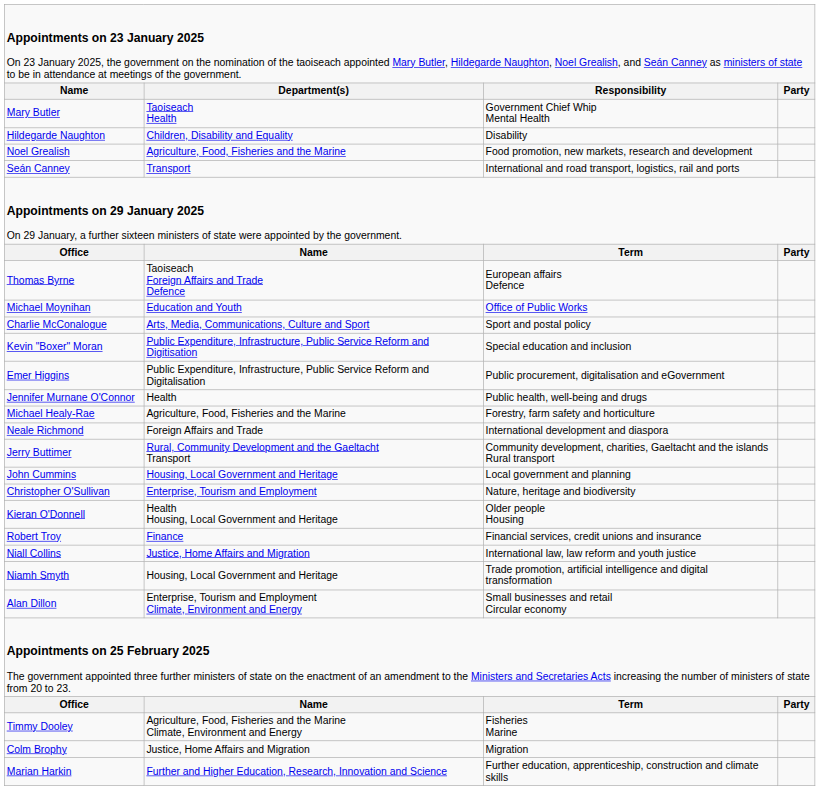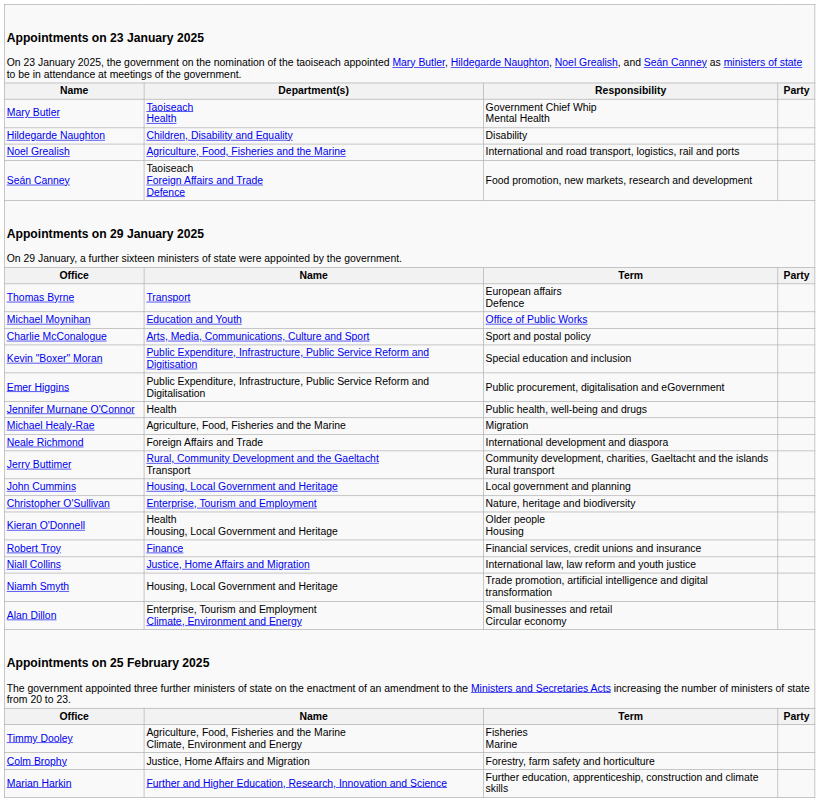 <table class="wikitable">
 <tr>
 <td colspan="5"><br><h3>Appointments on 23 January 2025</h3>On 23 January 2025, the government on the nomination of the taoiseach appointed <a href='#'>Mary Butler</a>, <a href='#'>Hildegarde Naughton</a>, <a href='#'>Noel Grealish</a>, and <a href='#'>Seán Canney</a> as <a href='#'>ministers of state</a> to be in attendance at meetings of the government.</td>
 </tr>
 <tr>
 <th>Name</th>
 <th>Department(s)</th>
 <th>Responsibility</th>
 <th colspan="2">Party</th>
 </tr>
 <tr>
 <td><a href='#'>Mary Butler</a></td>
 <td><a href='#'>Taoiseach</a><br><a href='#'>Health</a></td>
 <td>Government Chief Whip<br>Mental Health</td>
 <td></td>
 </tr>
 <tr>
 <td><a href='#'>Hildegarde Naughton</a></td>
 <td><a href='#'>Children, Disability and Equality</a></td>
 <td>Disability</td>
 <td></td>
 </tr>
 <tr>
 <td><a href='#'>Noel Grealish</a></td>
 <td><a href='#'>Agriculture, Food, Fisheries and the Marine</a></td>
-<td>Food promotion, new markets, research and development</td>
+<td>International and road transport, logistics, rail and ports</td>
 <td></td>
 </tr>
 <tr>
 <td><a href='#'>Seán Canney</a></td>
-<td><a href='#'>Transport</a></td>
-<td>International and road transport, logistics, rail and ports</td>
+<td>Taoiseach<br><a href='#'>Foreign Affairs and Trade</a><br><a href='#'>Defence</a></td>
+<td>Food promotion, new markets, research and development</td>
 <td></td>
 </tr>
 <tr>
 <td colspan="5"><br><h3>Appointments on 29 January 2025</h3>On 29 January, a further sixteen ministers of state were appointed by the government.</td>
 </tr>
 <tr>
 <th>Office</th>
 <th>Name</th>
 <th>Term</th>
 <th colspan="2">Party</th>
 </tr>
 <tr>
 <td><a href='#'>Thomas Byrne</a></td>
-<td>Taoiseach<br><a href='#'>Foreign Affairs and Trade</a><br><a href='#'>Defence</a></td>
+<td><a href='#'>Transport</a></td>
 <td>European affairs<br>Defence</td>
 <td></td>
 </tr>
 <tr>
 <td><a href='#'>Michael Moynihan</a></td>
 <td><a href='#'>Education and Youth</a></td>
 <td><a href='#'>Office of Public Works</a></td>
 <td></td>
 </tr>
 <tr>
 <td><a href='#'>Charlie McConalogue</a></td>
 <td><a href='#'>Arts, Media, Communications, Culture and Sport</a></td>
 <td>Sport and postal policy</td>
 <td></td>
 </tr>
 <tr>
 <td><a href='#'>Kevin "Boxer" Moran</a></td>
 <td><a href='#'>Public Expenditure, Infrastructure, Public Service Reform and Digitisation</a></td>
 <td>Special education and inclusion</td>
 <td></td>
 </tr>
 <tr>
 <td><a href='#'>Emer Higgins</a></td>
 <td>Public Expenditure, Infrastructure, Public Service Reform and Digitalisation</td>
 <td>Public procurement, digitalisation and eGovernment</td>
 <td></td>
 </tr>
 <tr>
 <td><a href='#'>Jennifer Murnane O'Connor</a></td>
 <td>Health</td>
 <td>Public health, well-being and drugs</td>
 <td></td>
 </tr>
 <tr>
 <td><a href='#'>Michael Healy-Rae</a></td>
 <td>Agriculture, Food, Fisheries and the Marine</td>
-<td>Forestry, farm safety and horticulture</td>
+<td>Migration</td>
 <td></td>
 </tr>
 <tr>
 <td><a href='#'>Neale Richmond</a></td>
 <td>Foreign Affairs and Trade</td>
 <td>International development and diaspora</td>
 <td></td>
 </tr>
 <tr>
 <td><a href='#'>Jerry Buttimer</a></td>
 <td><a href='#'>Rural, Community Development and the Gaeltacht</a><br>Transport</td>
 <td>Community development, charities, Gaeltacht and the islands<br>Rural transport</td>
 <td></td>
 </tr>
 <tr>
 <td><a href='#'>John Cummins</a></td>
 <td><a href='#'>Housing, Local Government and Heritage</a></td>
 <td>Local government and planning</td>
 <td></td>
 </tr>
 <tr>
 <td><a href='#'>Christopher O'Sullivan</a></td>
 <td><a href='#'>Enterprise, Tourism and Employment</a></td>
 <td>Nature, heritage and biodiversity</td>
 <td></td>
 </tr>
 <tr>
 <td><a href='#'>Kieran O'Donnell</a></td>
 <td>Health<br>Housing, Local Government and Heritage</td>
 <td>Older people<br>Housing</td>
 <td></td>
 </tr>
 <tr>
 <td><a href='#'>Robert Troy</a></td>
 <td><a href='#'>Finance</a></td>
 <td>Financial services, credit unions and insurance</td>
 <td></td>
 </tr>
 <tr>
 <td><a href='#'>Niall Collins</a></td>
 <td><a href='#'>Justice, Home Affairs and Migration</a></td>
 <td>International law, law reform and youth justice</td>
 <td></td>
 </tr>
 <tr>
 <td><a href='#'>Niamh Smyth</a></td>
 <td>Housing, Local Government and Heritage</td>
 <td>Trade promotion, artificial intelligence and digital transformation</td>
 <td></td>
 </tr>
 <tr>
 <td><a href='#'>Alan Dillon</a></td>
 <td>Enterprise, Tourism and Employment<br><a href='#'>Climate, Environment and Energy</a></td>
 <td>Small businesses and retail<br>Circular economy</td>
 <td></td>
 </tr>
 <tr>
 <td colspan="5"><br><h3>Appointments on 25 February 2025</h3>The government appointed three further ministers of state on the enactment of an amendment to the <a href='#'>Ministers and Secretaries Acts</a> increasing the number of ministers of state from 20 to 23.</td>
 </tr>
 <tr>
 <th>Office</th>
 <th>Name</th>
 <th>Term</th>
 <th colspan="2">Party</th>
 </tr>
 <tr>
 <td><a href='#'>Timmy Dooley</a></td>
 <td>Agriculture, Food, Fisheries and the Marine<br>Climate, Environment and Energy</td>
 <td>Fisheries<br>Marine</td>
 <td></td>
 </tr>
 <tr>
 <td><a href='#'>Colm Brophy</a></td>
 <td>Justice, Home Affairs and Migration</td>
-<td>Migration</td>
+<td>Forestry, farm safety and horticulture</td>
 <td></td>
 </tr>
 <tr>
 <td><a href='#'>Marian Harkin</a></td>
 <td><a href='#'>Further and Higher Education, Research, Innovation and Science</a></td>
 <td>Further education, apprenticeship, construction and climate skills</td>
 <td></td>
 </tr>
 </table>
